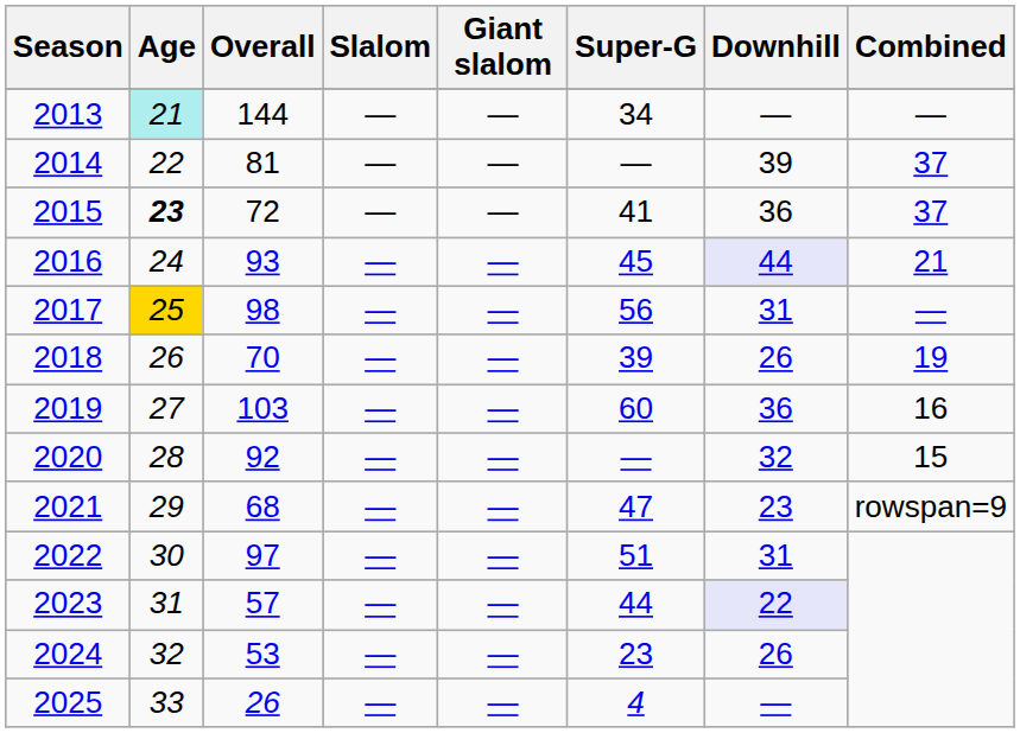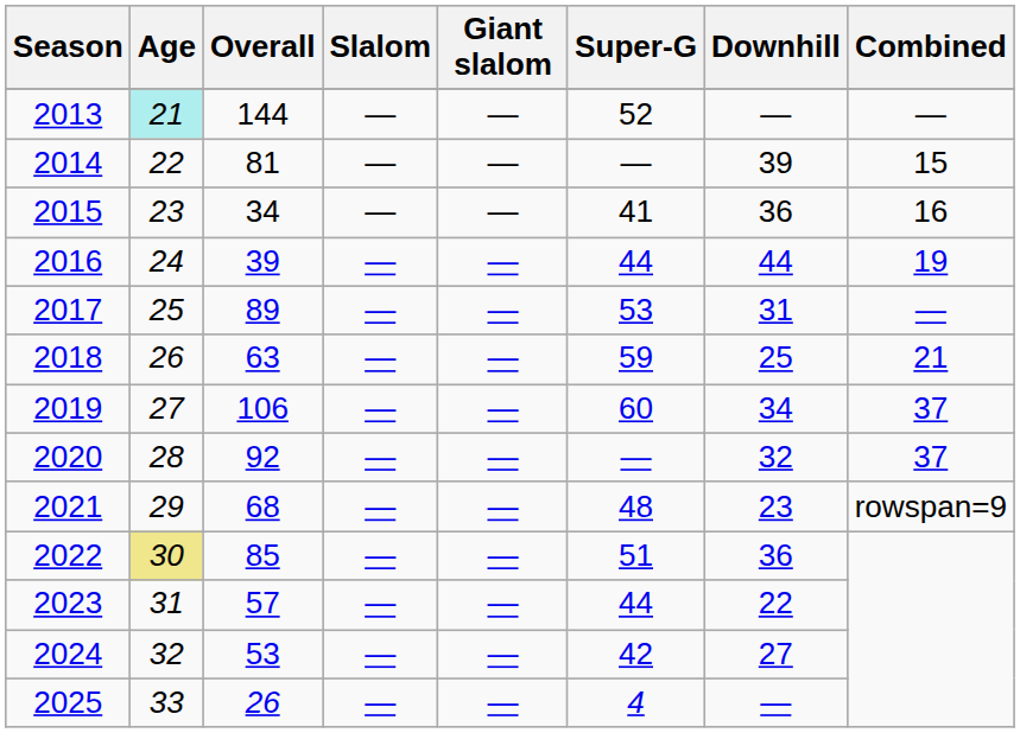 <table class=wikitable style="text-align:center">
 <tr>
 <th>Season</th>
 <th>Age</th>
 <th>Overall</th>
 <th>Slalom</th>
 <th>Giant<br> slalom </th>
 <th>Super-G</th>
 <th>Downhill</th>
 <th>Combined</th>
 </tr>
 <tr>
 </tr>
 <tr>
 <td><a href='#'>2013</a></td>
 <td style="background: paleturquoise;"><em>21</em></td>
 <td>144</td>
 <td>—</td>
 <td>—</td>
-<td>34</td>
+<td>52</td>
 <td>—</td>
 <td>—</td>
 </tr>
 <tr>
 <td><a href='#'>2014</a></td>
 <td><em>22</em></td>
 <td>81</td>
 <td>—</td>
 <td>—</td>
 <td>—</td>
 <td>39</td>
-<td><a href='#'>37</a></td>
+<td>15</td>
 </tr>
 <tr>
 <td><a href='#'>2015</a></td>
-<td><strong><em>23</em></strong></td>
-<td>72</td>
+<td><em>23</em></td>
+<td>34</td>
 <td>—</td>
 <td>—</td>
 <td>41</td>
 <td>36</td>
-<td><a href='#'>37</a></td>
+<td>16</td>
 </tr>
 <tr>
 <td><a href='#'>2016</a></td>
 <td><em>24</em></td>
-<td><a href='#'>93</a></td>
+<td><a href='#'>39</a></td>
 <td><a href='#'>—</a></td>
 <td><a href='#'>—</a></td>
-<td><a href='#'>45</a></td>
-<td style="background: lavender;"><a href='#'>44</a></td>
-<td><a href='#'>21</a></td>
+<td><a href='#'>44</a></td>
+<td><a href='#'>44</a></td>
+<td><a href='#'>19</a></td>
 </tr>
 <tr>
 <td><a href='#'>2017</a></td>
-<td style="background: gold;"><em>25</em></td>
-<td><a href='#'>98</a></td>
+<td><em>25</em></td>
+<td><a href='#'>89</a></td>
 <td><a href='#'>—</a></td>
 <td><a href='#'>—</a></td>
-<td><a href='#'>56</a></td>
+<td><a href='#'>53</a></td>
 <td><a href='#'>31</a></td>
 <td><a href='#'>—</a></td>
 </tr>
 <tr>
 <td><a href='#'>2018</a></td>
 <td><em>26</em></td>
-<td><a href='#'>70</a></td>
+<td><a href='#'>63</a></td>
 <td><a href='#'>—</a></td>
 <td><a href='#'>—</a></td>
-<td><a href='#'>39</a></td>
-<td><a href='#'>26</a></td>
-<td><a href='#'>19</a></td>
+<td><a href='#'>59</a></td>
+<td><a href='#'>25</a></td>
+<td><a href='#'>21</a></td>
 </tr>
 <tr>
 <td><a href='#'>2019</a></td>
 <td><em>27</em></td>
-<td><a href='#'>103</a></td>
+<td><a href='#'>106</a></td>
 <td><a href='#'>—</a></td>
 <td><a href='#'>—</a></td>
 <td><a href='#'>60</a></td>
-<td><a href='#'>36</a></td>
-<td>16</td>
+<td><a href='#'>34</a></td>
+<td><a href='#'>37</a></td>
 </tr>
 <tr>
 <td><a href='#'>2020</a></td>
 <td><em>28</em></td>
 <td><a href='#'>92</a></td>
 <td><a href='#'>—</a></td>
 <td><a href='#'>—</a></td>
 <td><a href='#'>—</a></td>
 <td><a href='#'>32</a></td>
-<td>15</td>
+<td><a href='#'>37</a></td>
 </tr>
 <tr>
 <td><a href='#'>2021</a></td>
 <td><em>29</em></td>
 <td><a href='#'>68</a></td>
 <td><a href='#'>—</a></td>
 <td><a href='#'>—</a></td>
-<td><a href='#'>47</a></td>
+<td><a href='#'>48</a></td>
 <td><a href='#'>23</a></td>
 <td>rowspan=9 </td>
 </tr>
 <tr>
 <td><a href='#'>2022</a></td>
-<td><em>30</em></td>
-<td><a href='#'>97</a></td>
+<td style="background: khaki;"><em>30</em></td>
+<td><a href='#'>85</a></td>
 <td><a href='#'>—</a></td>
 <td><a href='#'>—</a></td>
 <td><a href='#'>51</a></td>
-<td><a href='#'>31</a></td>
+<td><a href='#'>36</a></td>
 </tr>
 <tr>
 <td><a href='#'>2023</a></td>
 <td><em>31</em></td>
 <td><a href='#'>57</a></td>
 <td><a href='#'>—</a></td>
 <td><a href='#'>—</a></td>
 <td><a href='#'>44</a></td>
-<td style="background: lavender;"><a href='#'>22</a></td>
+<td><a href='#'>22</a></td>
 </tr>
 <tr>
 <td><a href='#'>2024</a></td>
 <td><em>32</em></td>
 <td><a href='#'>53</a></td>
 <td><a href='#'>—</a></td>
 <td><a href='#'>—</a></td>
-<td><a href='#'>23</a></td>
-<td><a href='#'>26</a></td>
+<td><a href='#'>42</a></td>
+<td><a href='#'>27</a></td>
 </tr>
 <tr>
 <td><a href='#'>2025</a></td>
 <td><em>33</em></td>
 <td><a href='#'><em>26</em></a></td>
 <td><a href='#'>—</a></td>
 <td><a href='#'>—</a></td>
 <td><a href='#'><em>4</em></a></td>
 <td><a href='#'>—</a></td>
 </tr>
 </table>
